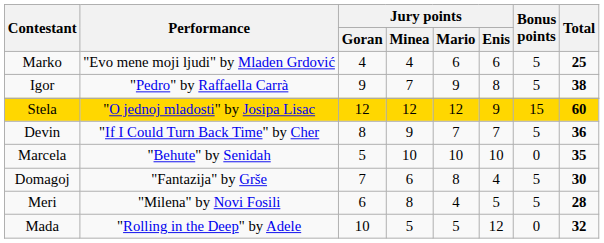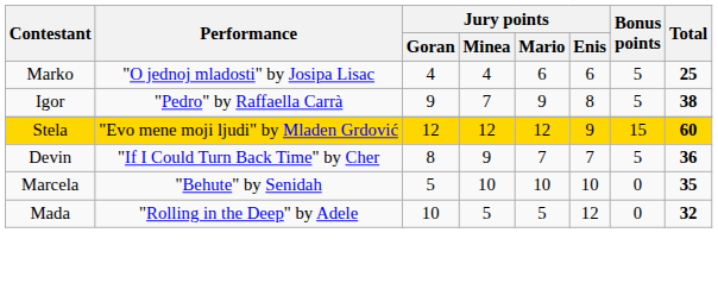 <table class="wikitable sortable" style="text-align: center;">
 <tr>
 <th rowspan="2">Contestant</th>
 <th rowspan="2">Performance</th>
 <th colspan="4">Jury points</th>
 <th rowspan="2">Bonus<br>points</th>
 <th rowspan="2">Total</th>
 </tr>
 <tr>
 <th>Goran</th>
 <th>Minea</th>
 <th>Mario</th>
 <th>Enis</th>
 </tr>
 <tr>
 <td>Marko</td>
-<td>"Evo mene moji ljudi" by <a href='#'>Mladen Grdović</a></td>
+<td>"<a href='#'>O jednoj mladosti</a>" by <a href='#'>Josipa Lisac</a></td>
 <td>4</td>
 <td>4</td>
 <td>6</td>
 <td>6</td>
 <td>5</td>
 <td><strong>25</strong></td>
 </tr>
 <tr>
 <td>Igor</td>
 <td>"<a href='#'>Pedro</a>" by <a href='#'>Raffaella Carrà</a></td>
 <td>9</td>
 <td>7</td>
 <td>9</td>
 <td>8</td>
 <td>5</td>
 <td><strong>38</strong></td>
 </tr>
 <tr>
 </tr>
 <tr style="background-color:gold;">
 <td>Stela</td>
-<td>"<a href='#'>O jednoj mladosti</a>" by <a href='#'>Josipa Lisac</a></td>
+<td>"Evo mene moji ljudi" by <a href='#'>Mladen Grdović</a></td>
 <td>12</td>
 <td>12</td>
 <td>12</td>
 <td>9</td>
 <td>15</td>
 <td><strong>60</strong></td>
 </tr>
 <tr>
 <td>Devin</td>
 <td>"<a href='#'>If I Could Turn Back Time</a>" by <a href='#'>Cher</a></td>
 <td>8</td>
 <td>9</td>
 <td>7</td>
 <td>7</td>
 <td>5</td>
 <td><strong>36</strong></td>
 </tr>
 <tr>
 <td>Marcela</td>
 <td>"<a href='#'>Behute</a>" by <a href='#'>Senidah</a></td>
 <td>5</td>
 <td>10</td>
 <td>10</td>
 <td>10</td>
 <td>0</td>
 <td><strong>35</strong></td>
 </tr>
 <tr>
-<td>Domagoj</td>
-<td>"Fantazija" by <a href='#'>Grše</a></td>
-<td>7</td>
-<td>6</td>
-<td>8</td>
-<td>4</td>
-<td>5</td>
-<td><strong>30</strong></td>
-</tr>
-<tr>
-<td>Meri</td>
-<td>"Milena" by <a href='#'>Novi Fosili</a></td>
-<td>6</td>
-<td>8</td>
-<td>4</td>
-<td>5</td>
-<td>5</td>
-<td><strong>28</strong></td>
-</tr>
-<tr>
 <td>Mada</td>
 <td>"<a href='#'>Rolling in the Deep</a>" by <a href='#'>Adele</a></td>
 <td>10</td>
 <td>5</td>
 <td>5</td>
 <td>12</td>
 <td>0</td>
 <td><strong>32</strong></td>
 </tr>
 </table>
